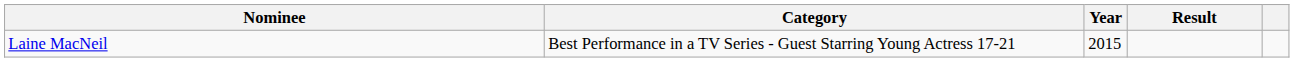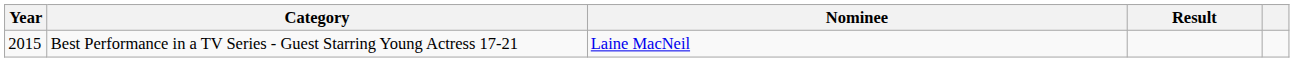 <table class="wikitable">
 <tr>
+<th width=3%>Year</th>
+<th width=40%>Category</th>
 <th width=40%>Nominee</th>
-<th width=40%>Category</th>
-<th width=3%>Year</th>
 <th width=10%>Result</th>
 <th width=2%></th>
 </tr>
 <tr>
+<td>2015</td>
+<td>Best Performance in a TV Series - Guest Starring Young Actress 17-21</td>
 <td><a href='#'>Laine MacNeil</a></td>
-<td>Best Performance in a TV Series - Guest Starring Young Actress 17-21</td>
-<td>2015</td>
 <td></td>
 <td></td>
 </tr>
 </table>
